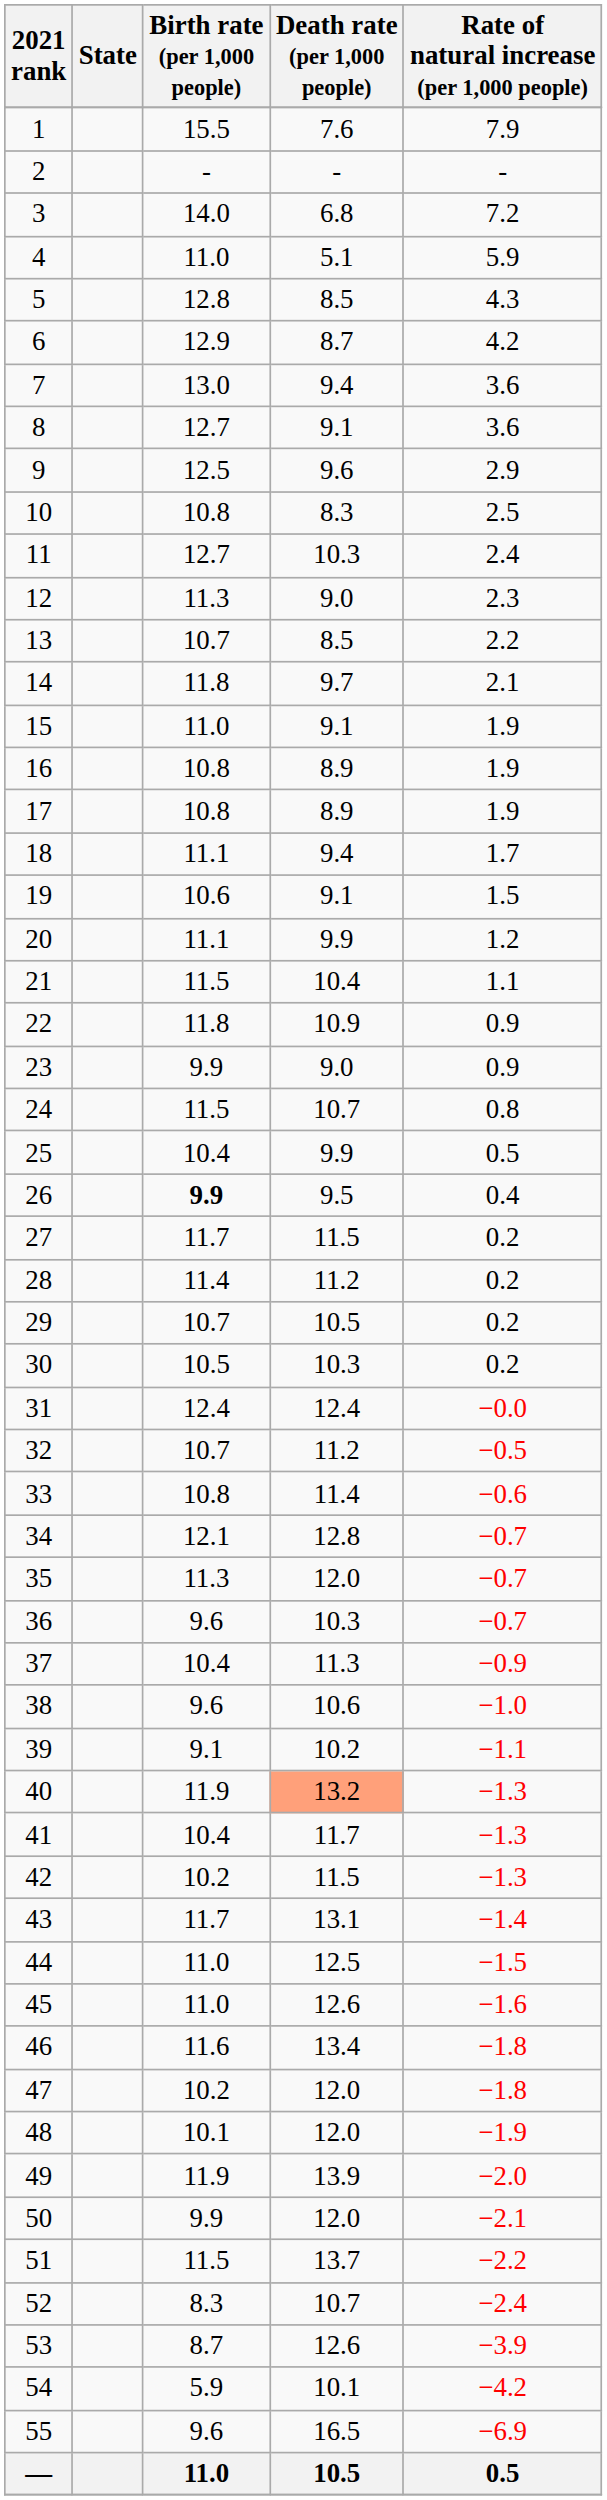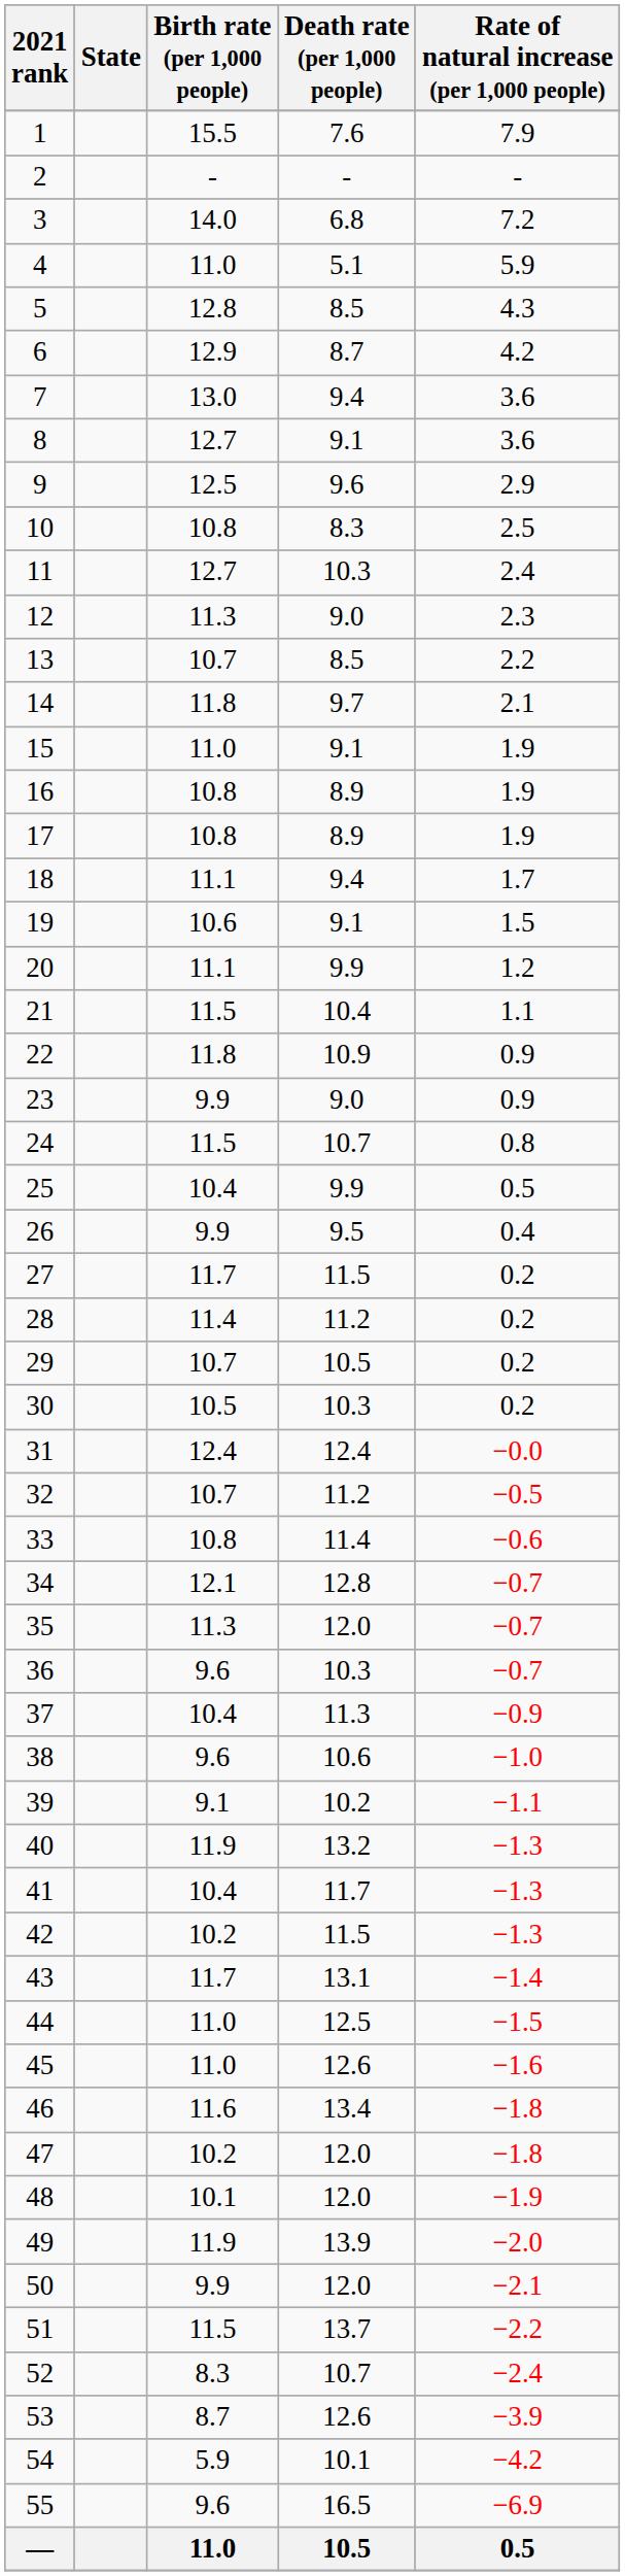 <table table class="wikitable sortable">
 <tr align=center bgcolor=#CCCCCC>
 <th>2021<br>rank</th>
 <th>State</th>
 <th>Birth rate<br> <small>(per 1,000<br> people)</small></th>
 <th>Death rate<br> <small>(per 1,000<br> people)</small></th>
 <th>Rate of <br>natural increase<br> <small>(per 1,000 people)</small></th>
 </tr>
 <tr align=right bgcolor=#E2F2D2>
 </tr>
 <tr align=right>
 <td align=center>1</td>
 <td align=left></td>
 <td align=center>15.5</td>
 <td align=center>7.6</td>
 <td align=center>7.9</td>
 </tr>
 <tr align=right>
 <td align=center>2</td>
 <td align=left></td>
 <td align=center>-</td>
 <td align=center>-</td>
 <td align=center>-</td>
 </tr>
 <tr align=right>
 <td align=center>3</td>
 <td align=left></td>
 <td align=center>14.0</td>
 <td align=center>6.8</td>
 <td align=center>7.2</td>
 </tr>
 <tr align=right>
 <td align=center>4</td>
 <td align=left></td>
 <td align=center>11.0</td>
 <td align=center>5.1</td>
 <td align=center>5.9</td>
 </tr>
 <tr align=right>
 <td align=center>5</td>
 <td align=left></td>
 <td align=center>12.8</td>
 <td align=center>8.5</td>
 <td align=center>4.3</td>
 </tr>
 <tr align=right>
 <td align=center>6</td>
 <td align=left></td>
 <td align=center>12.9</td>
 <td align=center>8.7</td>
 <td align=center>4.2</td>
 </tr>
 <tr align=right>
 <td align=center>7</td>
 <td align=left></td>
 <td align=center>13.0</td>
 <td align=center>9.4</td>
 <td align=center>3.6</td>
 </tr>
 <tr align=right>
 <td align=center>8</td>
 <td align=left></td>
 <td align=center>12.7</td>
 <td align=center>9.1</td>
 <td align=center>3.6</td>
 </tr>
 <tr align=right>
 <td align=center>9</td>
 <td align=left></td>
 <td align=center>12.5</td>
 <td align=center>9.6</td>
 <td align=center>2.9</td>
 </tr>
 <tr align=right>
 <td align=center>10</td>
 <td align=left></td>
 <td align=center>10.8</td>
 <td align=center>8.3</td>
 <td align=center>2.5</td>
 </tr>
 <tr align=right>
 <td align=center>11</td>
 <td align=left></td>
 <td align=center>12.7</td>
 <td align=center>10.3</td>
 <td align=center>2.4</td>
 </tr>
 <tr align=right>
 <td align=center>12</td>
 <td align=left></td>
 <td align=center>11.3</td>
 <td align=center>9.0</td>
 <td align=center>2.3</td>
 </tr>
 <tr align=right>
 <td align=center>13</td>
 <td align=left></td>
 <td align=center>10.7</td>
 <td align=center>8.5</td>
 <td align=center>2.2</td>
 </tr>
 <tr align=right>
 <td align=center>14</td>
 <td align=left></td>
 <td align=center>11.8</td>
 <td align=center>9.7</td>
 <td align=center>2.1</td>
 </tr>
 <tr align=right>
 <td align=center>15</td>
 <td align=left></td>
 <td align=center>11.0</td>
 <td align=center>9.1</td>
 <td align=center>1.9</td>
 </tr>
 <tr align=right>
 <td align=center>16</td>
 <td align=left></td>
 <td align=center>10.8</td>
 <td align=center>8.9</td>
 <td align=center>1.9</td>
 </tr>
 <tr align=right>
 <td align=center>17</td>
 <td align=left></td>
 <td align=center>10.8</td>
 <td align=center>8.9</td>
 <td align=center>1.9</td>
 </tr>
 <tr align=right>
 <td align=center>18</td>
 <td align=left></td>
 <td align=center>11.1</td>
 <td align=center>9.4</td>
 <td align=center>1.7</td>
 </tr>
 <tr align=right>
 <td align=center>19</td>
 <td align=left></td>
 <td align=center>10.6</td>
 <td align=center>9.1</td>
 <td align=center>1.5</td>
 </tr>
 <tr align=right>
 <td align=center>20</td>
 <td align=left></td>
 <td align=center>11.1</td>
 <td align=center>9.9</td>
 <td align=center>1.2</td>
 </tr>
 <tr align=right>
 <td align=center>21</td>
 <td align=left></td>
 <td align=center>11.5</td>
 <td align=center>10.4</td>
 <td align=center>1.1</td>
 </tr>
 <tr align=right>
 <td align=center>22</td>
 <td align=left></td>
 <td align=center>11.8</td>
 <td align=center>10.9</td>
 <td align=center>0.9</td>
 </tr>
 <tr align=right>
 <td align=center>23</td>
 <td align=left></td>
 <td align=center>9.9</td>
 <td align=center>9.0</td>
 <td align=center>0.9</td>
 </tr>
 <tr align=right>
 <td align=center>24</td>
 <td align=left></td>
 <td align=center>11.5</td>
 <td align=center>10.7</td>
 <td align=center>0.8</td>
 </tr>
 <tr align=right>
 <td align=center>25</td>
 <td align=left></td>
 <td align=center>10.4</td>
 <td align=center>9.9</td>
 <td align=center>0.5</td>
 </tr>
 <tr align=right>
 <td align=center>26</td>
 <td align=left></td>
-<td align=center><strong>9.9</strong></td>
+<td align=center>9.9</td>
 <td align=center>9.5</td>
 <td align=center>0.4</td>
 </tr>
 <tr align=right>
 <td align=center>27</td>
 <td align=left></td>
 <td align=center>11.7</td>
 <td align=center>11.5</td>
 <td align=center>0.2</td>
 </tr>
 <tr align=right>
 <td align=center>28</td>
 <td align=left></td>
 <td align=center>11.4</td>
 <td align=center>11.2</td>
 <td align=center>0.2</td>
 </tr>
 <tr align=right>
 <td align=center>29</td>
 <td align=left></td>
 <td align=center>10.7</td>
 <td align=center>10.5</td>
 <td align=center>0.2</td>
 </tr>
 <tr align=right>
 <td align=center>30</td>
 <td align=left></td>
 <td align=center>10.5</td>
 <td align=center>10.3</td>
 <td align=center>0.2</td>
 </tr>
 <tr align=right>
 <td align=center>31</td>
 <td align=left></td>
 <td align=center>12.4</td>
 <td align=center>12.4</td>
 <td align=center style="color: red">−0.0</td>
 </tr>
 <tr align=right>
 <td align=center>32</td>
 <td align=left></td>
 <td align=center>10.7</td>
 <td align=center>11.2</td>
 <td align=center style="color: red">−0.5</td>
 </tr>
 <tr align=right>
 <td align=center>33</td>
 <td align=left></td>
 <td align=center>10.8</td>
 <td align=center>11.4</td>
 <td align=center style="color: red">−0.6</td>
 </tr>
 <tr align=right>
 <td align=center>34</td>
 <td align=left></td>
 <td align=center>12.1</td>
 <td align=center>12.8</td>
 <td align=center style="color: red">−0.7</td>
 </tr>
 <tr align=right>
 <td align=center>35</td>
 <td align=left></td>
 <td align=center>11.3</td>
 <td align=center>12.0</td>
 <td align=center style="color: red">−0.7</td>
 </tr>
 <tr align=right>
 <td align=center>36</td>
 <td align=left></td>
 <td align=center>9.6</td>
 <td align=center>10.3</td>
 <td align=center style="color: red">−0.7</td>
 </tr>
 <tr align=right>
 <td align=center>37</td>
 <td align=left></td>
 <td align=center>10.4</td>
 <td align=center>11.3</td>
 <td align=center style="color: red">−0.9</td>
 </tr>
 <tr align=right>
 <td align=center>38</td>
 <td align=left></td>
 <td align=center>9.6</td>
 <td align=center>10.6</td>
 <td align=center style="color: red">−1.0</td>
 </tr>
 <tr align=right>
 <td align=center>39</td>
 <td align=left></td>
 <td align=center>9.1</td>
 <td align=center>10.2</td>
 <td align=center style="color: red">−1.1</td>
 </tr>
 <tr align=right>
 <td align=center>40</td>
 <td align=left></td>
 <td align=center>11.9</td>
-<td align=center style="background: lightsalmon;">13.2</td>
+<td align=center>13.2</td>
 <td align=center style="color: red">−1.3</td>
 </tr>
 <tr align=right>
 <td align=center>41</td>
 <td align=left></td>
 <td align=center>10.4</td>
 <td align=center>11.7</td>
 <td align=center style="color: red">−1.3</td>
 </tr>
 <tr align=right>
 <td align=center>42</td>
 <td align=left></td>
 <td align=center>10.2</td>
 <td align=center>11.5</td>
 <td align=center style="color: red">−1.3</td>
 </tr>
 <tr align=right>
 <td align=center>43</td>
 <td align=left></td>
 <td align=center>11.7</td>
 <td align=center>13.1</td>
 <td align=center style="color: red">−1.4</td>
 </tr>
 <tr align=right>
 <td align=center>44</td>
 <td align=left></td>
 <td align=center>11.0</td>
 <td align=center>12.5</td>
 <td align=center style="color: red">−1.5</td>
 </tr>
 <tr align=right>
 <td align=center>45</td>
 <td align=left></td>
 <td align=center>11.0</td>
 <td align=center>12.6</td>
 <td align=center style="color: red">−1.6</td>
 </tr>
 <tr align=right>
 <td align=center>46</td>
 <td align=left></td>
 <td align=center>11.6</td>
 <td align=center>13.4</td>
 <td align=center style="color: red">−1.8</td>
 </tr>
 <tr align=right>
 <td align=center>47</td>
 <td align=left></td>
 <td align=center>10.2</td>
 <td align=center>12.0</td>
 <td align=center style="color: red">−1.8</td>
 </tr>
 <tr align=right>
 <td align=center>48</td>
 <td align=left></td>
 <td align=center>10.1</td>
 <td align=center>12.0</td>
 <td align=center style="color: red">−1.9</td>
 </tr>
 <tr align=right>
 <td align=center>49</td>
 <td align=left></td>
 <td align=center>11.9</td>
 <td align=center>13.9</td>
 <td align=center style="color: red">−2.0</td>
 </tr>
 <tr align=right>
 <td align=center>50</td>
 <td align=left></td>
 <td align=center>9.9</td>
 <td align=center>12.0</td>
 <td align=center style="color: red">−2.1</td>
 </tr>
 <tr align=right>
 <td align=center>51</td>
 <td align=left></td>
 <td align=center>11.5</td>
 <td align=center>13.7</td>
 <td align=center style="color: red">−2.2</td>
 </tr>
 <tr align=right>
 <td align=center>52</td>
 <td align=left></td>
 <td align=center>8.3</td>
 <td align=center>10.7</td>
 <td align=center style="color: red">−2.4</td>
 </tr>
 <tr align=center>
 <td align=center>53</td>
 <td align=left></td>
 <td align=center>8.7</td>
 <td align=center>12.6</td>
 <td align=center style="color: red">−3.9</td>
 </tr>
 <tr align=right>
 <td align=center>54</td>
 <td align=left></td>
 <td align=center>5.9</td>
 <td align=center>10.1</td>
 <td align=center style="color: red">−4.2</td>
 </tr>
 <tr align=right>
 <td align=center>55</td>
 <td align=left></td>
 <td align=center>9.6</td>
 <td align=center>16.5</td>
 <td align=center style="color: red">−6.9</td>
 </tr>
 <tr align=right>
 <th align=center>—</th>
 <th align=left></th>
 <th align=center>11.0</th>
 <th align=center>10.5</th>
 <th align=center>0.5</th>
 </tr>
 <tr>
 </tr>
 </table>
